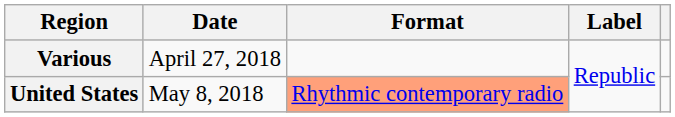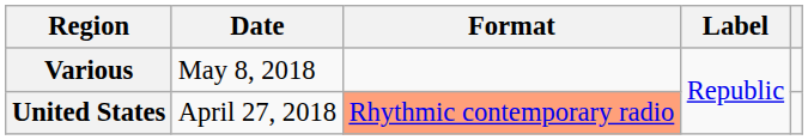 <table class="wikitable plainrowheaders">
 <tr>
 <th scope="col">Region</th>
 <th scope="col">Date</th>
 <th scope="col">Format</th>
 <th scope="col">Label</th>
 <th scope="col"></th>
 </tr>
 <tr>
 <th scope="row">Various</th>
-<td>April 27, 2018</td>
+<td>May 8, 2018</td>
 <td></td>
 <td rowspan="2"><a href='#'>Republic</a></td>
 <td></td>
 </tr>
 <tr>
 <th scope="row">United States</th>
-<td>May 8, 2018</td>
+<td>April 27, 2018</td>
 <td style="background: lightsalmon;"><a href='#'>Rhythmic contemporary radio</a></td>
 <td></td>
 </tr>
 </table>
